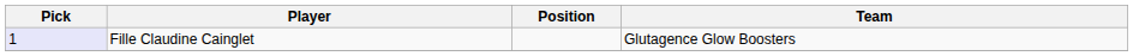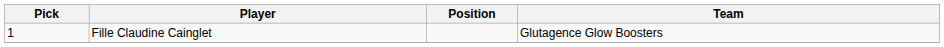 <table class="wikitable sortable">
 <tr>
 <th style="width:5%;">Pick</th>
 <th style="width:20%;">Player</th>
 <th style="width:5%;">Position</th>
 <th style="width:25%;">Team</th>
 </tr>
 <tr>
-<td style="background: lavender;">1</td>
+<td>1</td>
 <td>Fille Claudine Cainglet</td>
 <td></td>
 <td>Glutagence Glow Boosters</td>
 </tr>
 <tr>
 </tr>
 </table>
